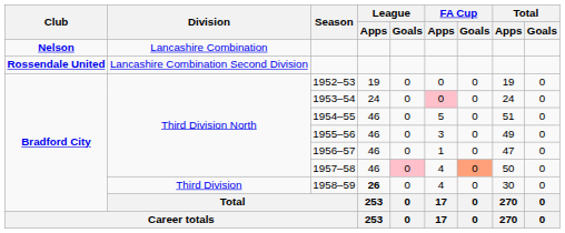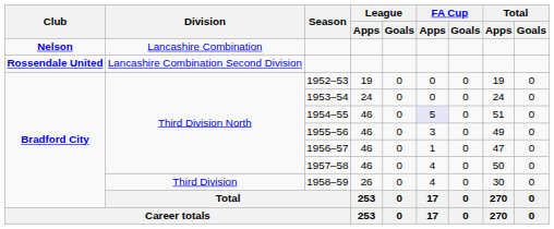 <table class="wikitable" style="text-align: center;">
 <tr>
 <th rowspan="2">Club</th>
 <th rowspan="2">Division</th>
 <th rowspan="2">Season</th>
 <th colspan="2">League</th>
 <th colspan="2"><a href='#'>FA Cup</a></th>
 <th colspan="2">Total</th>
 </tr>
 <tr>
 <th>Apps</th>
 <th>Goals</th>
 <th>Apps</th>
 <th>Goals</th>
 <th>Apps</th>
 <th>Goals</th>
 </tr>
 <tr>
 <td valign="center"><strong><a href='#'>Nelson</a></strong></td>
 <td><a href='#'>Lancashire Combination</a></td>
 <td></td>
 <td></td>
 <td></td>
 <td></td>
 <td></td>
 <td></td>
 <td></td>
 </tr>
 <tr>
 <td valign="center"><strong><a href='#'>Rossendale United</a></strong></td>
 <td><a href='#'>Lancashire Combination Second Division</a></td>
 <td></td>
 <td></td>
 <td></td>
 <td></td>
 <td></td>
 <td></td>
 <td></td>
 </tr>
 <tr>
 <td rowspan="8" valign="center"><strong><a href='#'>Bradford City</a></strong></td>
 <td rowspan="6" valign="center"><a href='#'>Third Division North</a></td>
 <td>1952–53</td>
 <td>19</td>
 <td>0</td>
 <td>0</td>
 <td>0</td>
 <td>19</td>
 <td>0</td>
 </tr>
 <tr>
 <td>1953–54</td>
 <td>24</td>
 <td>0</td>
-<td style="background: pink;">0</td>
+<td>0</td>
 <td>0</td>
 <td>24</td>
 <td>0</td>
 </tr>
 <tr>
 <td>1954–55</td>
 <td>46</td>
 <td>0</td>
-<td>5</td>
+<td style="background: lavender;">5</td>
 <td>0</td>
 <td>51</td>
 <td>0</td>
 </tr>
 <tr>
 <td>1955–56</td>
 <td>46</td>
 <td>0</td>
 <td>3</td>
 <td>0</td>
 <td>49</td>
 <td>0</td>
 </tr>
 <tr>
 <td>1956–57</td>
 <td>46</td>
 <td>0</td>
 <td>1</td>
 <td>0</td>
 <td>47</td>
 <td>0</td>
 </tr>
 <tr>
 <td>1957–58</td>
 <td>46</td>
-<td style="background: pink;">0</td>
+<td>0</td>
 <td>4</td>
-<td style="background: lightsalmon;">0</td>
+<td>0</td>
 <td>50</td>
 <td>0</td>
 </tr>
 <tr>
 <td><a href='#'>Third Division</a></td>
 <td>1958–59</td>
-<td><strong>26</strong></td>
+<td>26</td>
 <td>0</td>
 <td>4</td>
 <td>0</td>
 <td>30</td>
 <td>0</td>
 </tr>
 <tr>
 <th colspan="2">Total</th>
 <th>253</th>
 <th>0</th>
 <th>17</th>
 <th>0</th>
 <th>270</th>
 <th>0</th>
 </tr>
 <tr>
 <th colspan="3">Career totals</th>
 <th>253</th>
 <th>0</th>
 <th>17</th>
 <th>0</th>
 <th>270</th>
 <th>0</th>
 </tr>
 </table>
